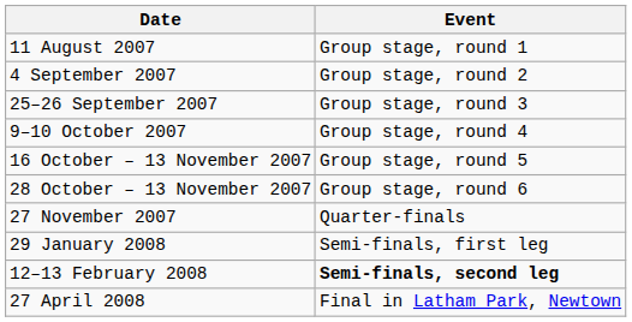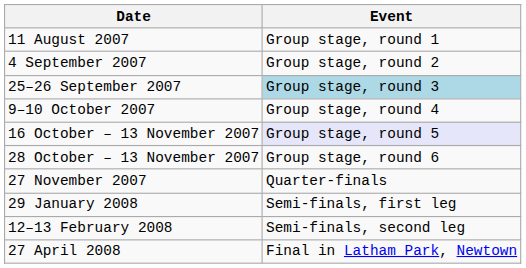 <table class="wikitable">
 <tr>
 <th>Date</th>
 <th>Event</th>
 </tr>
 <tr>
 <td>11 August 2007</td>
 <td>Group stage, round 1</td>
 </tr>
 <tr>
 <td>4 September 2007</td>
 <td>Group stage, round 2</td>
 </tr>
 <tr>
 <td>25–26 September 2007</td>
-<td>Group stage, round 3</td>
+<td style="background: lightblue;">Group stage, round 3</td>
 </tr>
 <tr>
 <td>9–10 October 2007</td>
 <td>Group stage, round 4</td>
 </tr>
 <tr>
 <td>16 October – 13 November 2007</td>
-<td>Group stage, round 5</td>
+<td style="background: lavender;">Group stage, round 5</td>
 </tr>
 <tr>
 <td>28 October – 13 November 2007</td>
 <td>Group stage, round 6</td>
 </tr>
 <tr>
 <td>27 November 2007</td>
 <td>Quarter-finals</td>
 </tr>
 <tr>
 <td>29 January 2008</td>
 <td>Semi-finals, first leg</td>
 </tr>
 <tr>
 <td>12–13 February 2008</td>
-<td><strong>Semi-finals, second leg</strong></td>
+<td>Semi-finals, second leg</td>
 </tr>
 <tr>
 <td>27 April 2008</td>
 <td>Final in <a href='#'>Latham Park</a>, <a href='#'>Newtown</a></td>
 </tr>
 </table>
